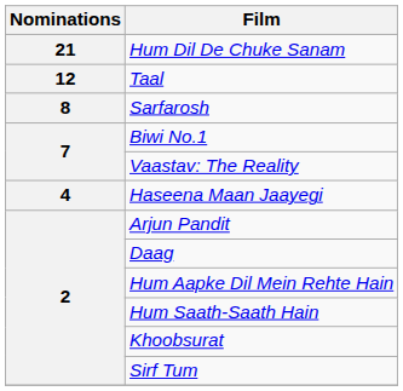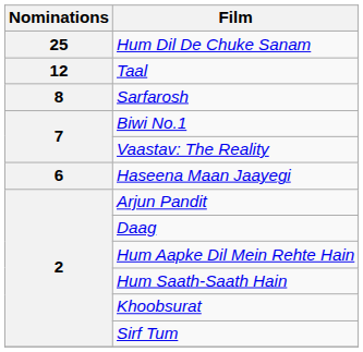 <table class="wikitable" style="display:inline-table;">
 <tr>
 <th>Nominations</th>
 <th>Film</th>
 </tr>
 <tr>
-<th>21</th>
+<th>25</th>
 <td><em><a href='#'>Hum Dil De Chuke Sanam</a></em></td>
 </tr>
 <tr>
 <th>12</th>
 <td><em><a href='#'>Taal</a></em></td>
 </tr>
 <tr>
 <th>8</th>
 <td><em><a href='#'>Sarfarosh</a></em></td>
 </tr>
 <tr>
 <th rowspan="2">7</th>
 <td><em><a href='#'>Biwi No.1</a></em></td>
 </tr>
 <tr>
 <td><em><a href='#'>Vaastav: The Reality</a></em></td>
 </tr>
 <tr>
-<th>4</th>
+<th>6</th>
 <td><em><a href='#'>Haseena Maan Jaayegi</a></em></td>
 </tr>
 <tr>
 <th rowspan="6">2</th>
 <td><em><a href='#'>Arjun Pandit</a></em></td>
 </tr>
 <tr>
 <td><em><a href='#'>Daag</a></em></td>
 </tr>
 <tr>
 <td><em><a href='#'>Hum Aapke Dil Mein Rehte Hain</a></em></td>
 </tr>
 <tr>
 <td><em><a href='#'>Hum Saath-Saath Hain</a></em></td>
 </tr>
 <tr>
 <td><em><a href='#'>Khoobsurat</a></em></td>
 </tr>
 <tr>
 <td><em><a href='#'>Sirf Tum</a></em></td>
 </tr>
 <tr>
 </tr>
 </table>
